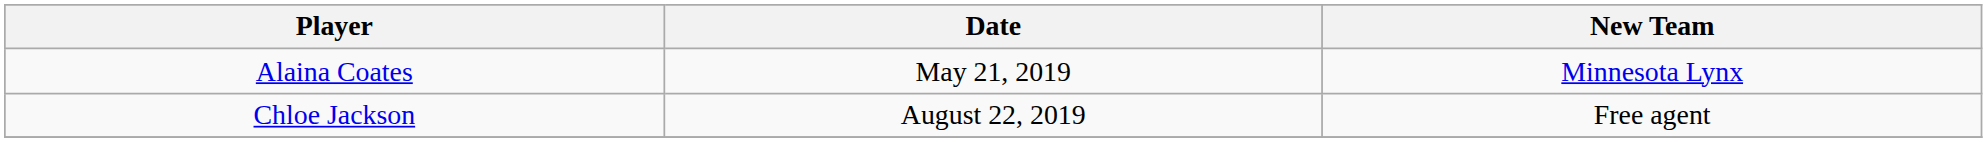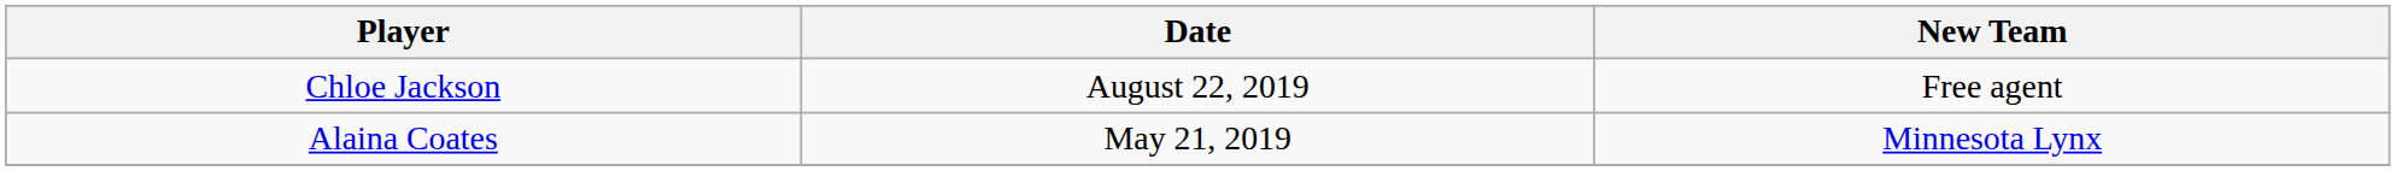 <table class="wikitable sortable sortable">
 <tr>
 <th width="10%">Player</th>
 <th width="10%">Date</th>
 <th width="10%">New Team</th>
 </tr>
 <tr style="text-align: center">
+<td><a href='#'>Chloe Jackson</a></td>
+<td>August 22, 2019</td>
+<td>Free agent</td>
+</tr>
+<tr style="text-align: center">
 <td><a href='#'>Alaina Coates</a></td>
 <td>May 21, 2019</td>
 <td><a href='#'>Minnesota Lynx</a></td>
 </tr>
-<tr style="text-align: center">
-<td><a href='#'>Chloe Jackson</a></td>
-<td>August 22, 2019</td>
-<td>Free agent</td>
-</tr>
 <tr>
 </tr>
 </table>
